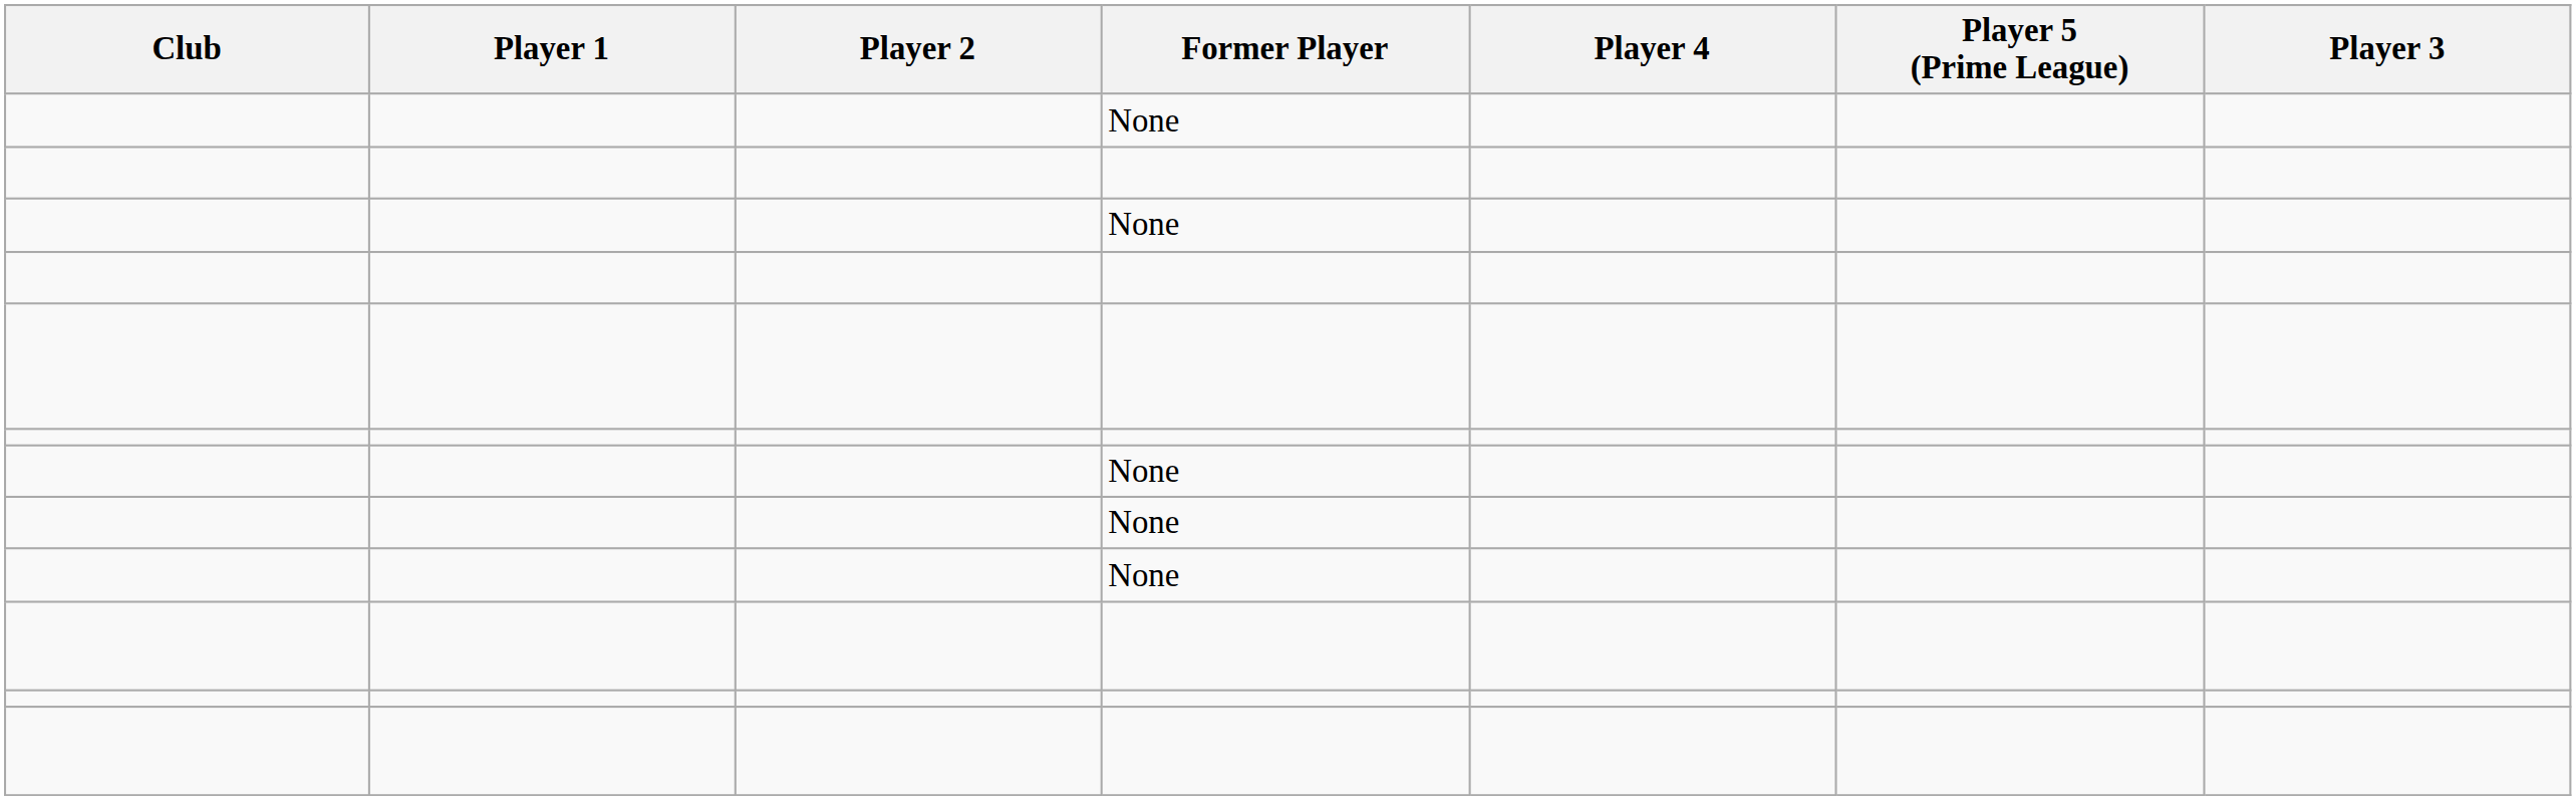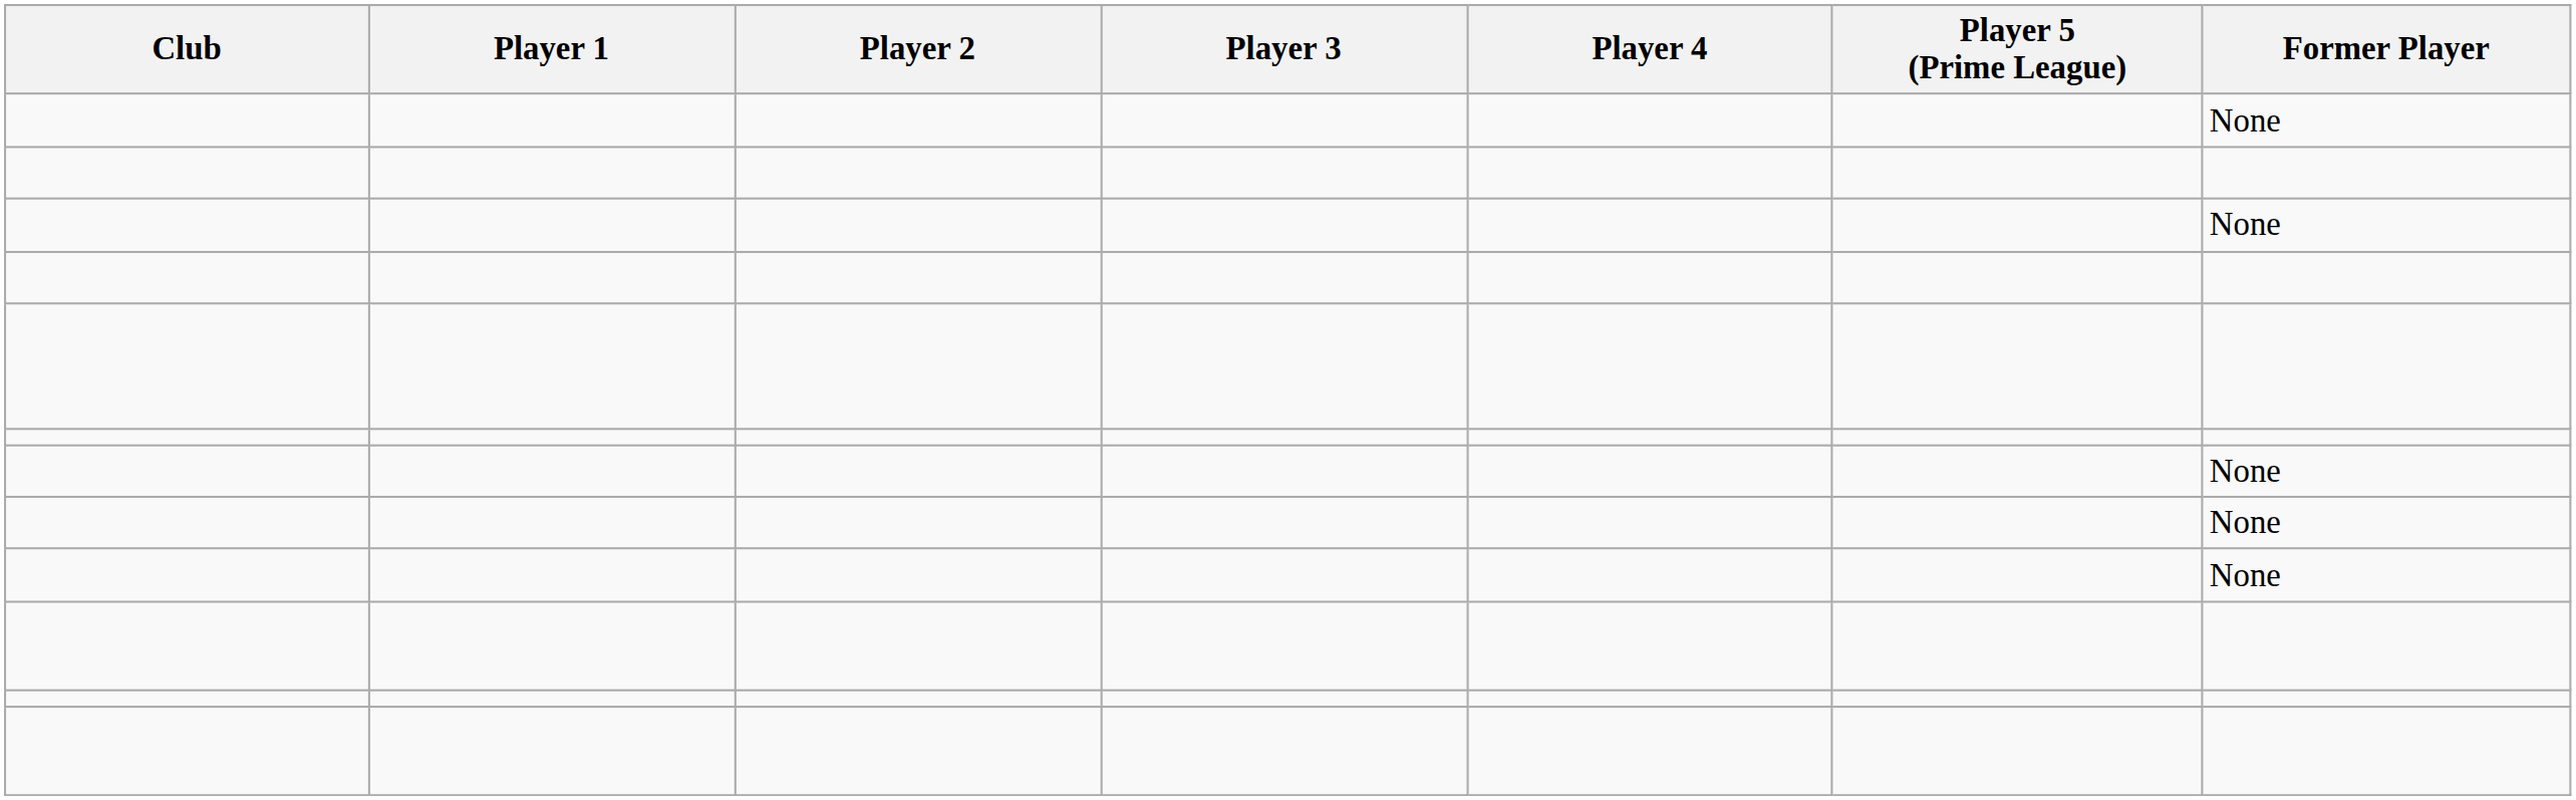 <table class="wikitable ">
 <tr>
 <th style="width:190px;">Club</th>
 <th style="width:190px;">Player 1</th>
 <th style="width:190px;">Player 2</th>
-<th style="width:190px;">Former Player</th>
+<th style="width:190px;">Player 3</th>
 <th style="width:190px;">Player 4</th>
 <th style="width:190px;">Player 5<br>(Prime League)</th>
-<th style="width:190px;">Player 3</th>
+<th style="width:190px;">Former Player</th>
 </tr>
 <tr>
 <td></td>
 <td></td>
 <td></td>
-<td>None</td>
 <td></td>
 <td></td>
 <td></td>
+<td>None</td>
 </tr>
 <tr>
 <td></td>
 <td></td>
 <td></td>
-<td><br></td>
 <td></td>
 <td></td>
 <td></td>
+<td><br></td>
 </tr>
 <tr>
 <td></td>
 <td></td>
 <td></td>
-<td>None</td>
 <td></td>
 <td></td>
 <td></td>
+<td>None</td>
 </tr>
 <tr>
 <td></td>
 <td></td>
 <td></td>
-<td><br></td>
 <td></td>
 <td></td>
 <td></td>
+<td><br></td>
 </tr>
 <tr>
 <td></td>
 <td></td>
 <td></td>
-<td><br><br><br></td>
 <td></td>
 <td></td>
 <td></td>
+<td><br><br><br></td>
 </tr>
 <tr>
 <td></td>
 <td></td>
 <td></td>
 <td></td>
 <td></td>
 <td></td>
 <td></td>
 </tr>
 <tr>
 <td></td>
 <td></td>
 <td></td>
-<td>None</td>
 <td></td>
 <td></td>
 <td></td>
+<td>None</td>
 </tr>
 <tr>
 <td></td>
 <td></td>
 <td></td>
-<td>None</td>
 <td></td>
 <td></td>
 <td></td>
+<td>None</td>
 </tr>
 <tr>
 <td></td>
 <td></td>
 <td></td>
-<td>None</td>
 <td></td>
 <td></td>
 <td></td>
+<td>None</td>
 </tr>
 <tr>
 <td></td>
 <td></td>
 <td></td>
-<td><br><br></td>
 <td></td>
 <td></td>
 <td></td>
+<td><br><br></td>
 </tr>
 <tr>
 <td></td>
 <td></td>
 <td></td>
 <td></td>
 <td></td>
 <td></td>
 <td></td>
 </tr>
 <tr>
 <td></td>
 <td></td>
 <td></td>
-<td><br><br></td>
 <td></td>
 <td></td>
 <td></td>
+<td><br><br></td>
 </tr>
 </table>
